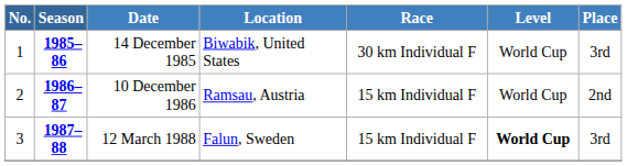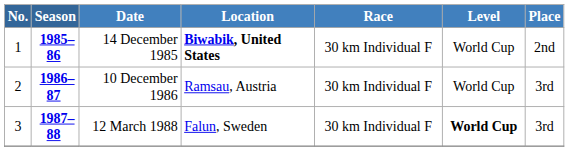 <table class="wikitable sortable" style="font-size:95%; text-align:center; border:grey solid 1px; border-collapse:collapse; background:#ffffff;">
 <tr style="background:#efefef;">
 <th style="background-color:#369; color:white;">No.</th>
 <th style="background-color:#369; color:white;">Season</th>
 <th style="background-color:#4180be; color:white; width:120px;">Date</th>
 <th style="background-color:#4180be; color:white; width:170px;">Location</th>
 <th style="background-color:#4180be; color:white; width:160px;">Race</th>
 <th style="background-color:#4180be; color:white; width:100px;">Level</th>
 <th style="background-color:#4180be; color:white;">Place</th>
 </tr>
 <tr>
 <td align=center>1</td>
 <td rowspan=1 align=center><strong> <a href='#'>1985–86</a> </strong></td>
 <td align=right>14 December 1985</td>
-<td align=left> <a href='#'>Biwabik</a>, United States</td>
+<td align=left><strong> <a href='#'>Biwabik</a>, United States</strong></td>
 <td>30 km Individual F</td>
 <td>World Cup</td>
-<td>3rd</td>
+<td>2nd</td>
 </tr>
 <tr>
 <td align=center>2</td>
 <td rowspan=1 align=center><strong> <a href='#'>1986–87</a> </strong></td>
 <td align=right>10 December 1986</td>
 <td align=left> <a href='#'>Ramsau</a>, Austria</td>
-<td>15 km Individual F</td>
+<td>30 km Individual F</td>
 <td>World Cup</td>
-<td>2nd</td>
+<td>3rd</td>
 </tr>
 <tr>
 <td align=center>3</td>
 <td rowspan=1 align=center><strong> <a href='#'>1987–88</a> </strong></td>
 <td align=right>12 March 1988</td>
 <td align=left> <a href='#'>Falun</a>, Sweden</td>
-<td>15 km Individual F</td>
+<td>30 km Individual F</td>
 <td><strong>World Cup</strong></td>
 <td>3rd</td>
 </tr>
 <tr>
 </tr>
 </table>
